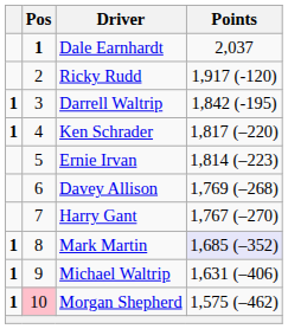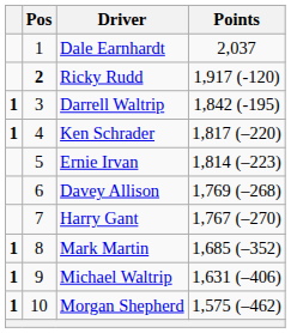 <table class="wikitable" style="font-size: 95%;">
 <tr>
 <th></th>
 <th>Pos</th>
 <th>Driver</th>
 <th>Points</th>
 </tr>
 <tr>
 <td align="left"></td>
-<td style="text-align:center;"><strong>1</strong></td>
+<td style="text-align:center;">1</td>
 <td><a href='#'>Dale Earnhardt</a></td>
 <td style="text-align:center;">2,037</td>
 </tr>
 <tr>
 <td align="left"></td>
-<td style="text-align:center;">2</td>
+<td style="text-align:center;"><strong>2</strong></td>
 <td><a href='#'>Ricky Rudd</a></td>
 <td style="text-align:center;">1,917 (-120)</td>
 </tr>
 <tr>
 <td align="left">  <strong>1</strong></td>
 <td style="text-align:center;">3</td>
 <td><a href='#'>Darrell Waltrip</a></td>
 <td style="text-align:center;">1,842 (-195)</td>
 </tr>
 <tr>
 <td align="left">  <strong>1</strong></td>
 <td style="text-align:center;">4</td>
 <td><a href='#'>Ken Schrader</a></td>
 <td style="text-align:center;">1,817 (–220)</td>
 </tr>
 <tr>
 <td align="left"></td>
 <td style="text-align:center;">5</td>
 <td><a href='#'>Ernie Irvan</a></td>
 <td style="text-align:center;">1,814 (–223)</td>
 </tr>
 <tr>
 <td align="left"></td>
 <td style="text-align:center;">6</td>
 <td><a href='#'>Davey Allison</a></td>
 <td style="text-align:center;">1,769 (–268)</td>
 </tr>
 <tr>
 <td align="left"></td>
 <td style="text-align:center;">7</td>
 <td><a href='#'>Harry Gant</a></td>
 <td style="text-align:center;">1,767 (–270)</td>
 </tr>
 <tr>
 <td align="left">  <strong>1</strong></td>
 <td style="text-align:center;">8</td>
 <td><a href='#'>Mark Martin</a></td>
-<td style="background: lavender; text-align:center;">1,685 (–352)</td>
+<td style="text-align:center;">1,685 (–352)</td>
 </tr>
 <tr>
 <td align="left">  <strong>1</strong></td>
 <td style="text-align:center;">9</td>
 <td><a href='#'>Michael Waltrip</a></td>
 <td style="text-align:center;">1,631 (–406)</td>
 </tr>
 <tr>
 <td align="left">  <strong>1</strong></td>
-<td style="background: pink; text-align:center;">10</td>
+<td style="text-align:center;">10</td>
 <td><a href='#'>Morgan Shepherd</a></td>
 <td style="text-align:center;">1,575 (–462)</td>
 </tr>
 <tr class="sortbottom">
 <th colspan="9"></th>
 </tr>
 </table>
